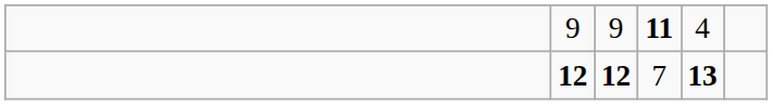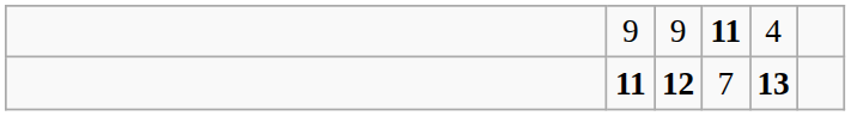 <table class="wikitable">
 <tr>
 <td style="width:18em"></td>
 <td align=center style="width:1em">9</td>
 <td align=center style="width:1em">9</td>
 <td align=center style="width:1em"><strong>11</strong></td>
 <td align=center style="width:1em">4</td>
 <td align=center style="width:1em"></td>
 </tr>
 <tr>
 <td style="width:18em"><strong></strong></td>
-<td align=center style="width:1em"><strong>12</strong></td>
+<td align=center style="width:1em"><strong>11</strong></td>
 <td align=center style="width:1em"><strong>12</strong></td>
 <td align=center style="width:1em">7</td>
 <td align=center style="width:1em"><strong>13</strong></td>
 <td align=center style="width:1em"></td>
 </tr>
 </table>
